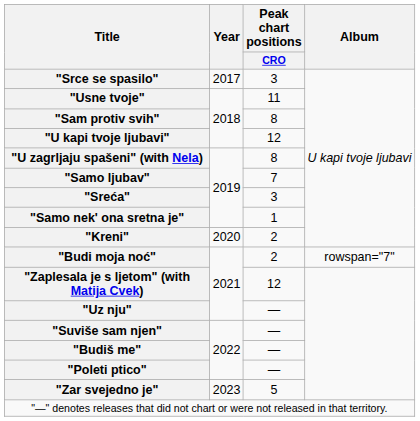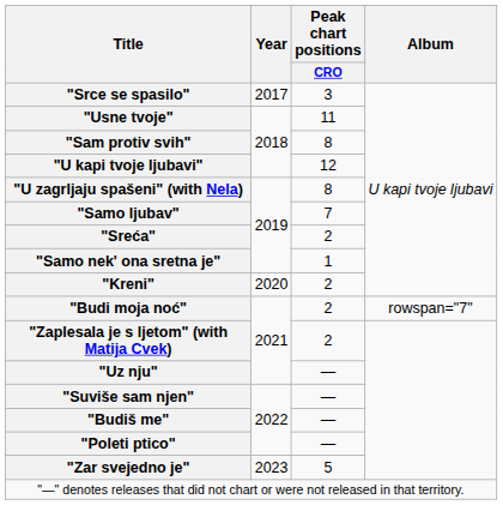 <table class="wikitable plainrowheaders" style="text-align:center;">
 <tr>
 <th scope="col" rowspan="2" style="width:16em;">Title</th>
 <th scope="col" rowspan="2" style="width:1em;">Year</th>
 <th scope="col" colspan="1">Peak chart positions</th>
 <th scope="col" rowspan="2">Album</th>
 </tr>
 <tr>
 <th scope="col" style="width:3em;font-size:85%;"><a href='#'>CRO</a><br></th>
 </tr>
 <tr>
 <th scope="row">"Srce se spasilo"</th>
 <td>2017</td>
 <td>3</td>
 <td rowspan="9"><em>U kapi tvoje ljubavi</em></td>
 </tr>
 <tr>
 <th scope="row">"Usne tvoje"</th>
 <td rowspan="3">2018</td>
 <td>11</td>
 </tr>
 <tr>
 <th scope="row">"Sam protiv svih"</th>
 <td>8</td>
 </tr>
 <tr>
 <th scope="row">"U kapi tvoje ljubavi"</th>
 <td>12</td>
 </tr>
 <tr>
 <th scope="row">"U zagrljaju spašeni" <span>(with <a href='#'>Nela</a>)</span></th>
 <td rowspan="4">2019</td>
 <td>8</td>
 </tr>
 <tr>
 <th scope="row">"Samo ljubav"</th>
 <td>7</td>
 </tr>
 <tr>
 <th scope="row">"Sreća"</th>
-<td>3</td>
+<td>2</td>
 </tr>
 <tr>
 <th scope="row">"Samo nek' ona sretna je"</th>
 <td>1</td>
 </tr>
 <tr>
 <th scope="row">"Kreni"</th>
 <td rowspan="1">2020</td>
 <td>2</td>
 </tr>
 <tr>
 <th scope="row">"Budi moja noć"</th>
 <td rowspan="3">2021</td>
 <td>2</td>
 <td>rowspan="7" </td>
 </tr>
 <tr>
 <th scope="row">"Zaplesala je s ljetom" <span>(with <a href='#'>Matija Cvek</a>)</span></th>
-<td>12</td>
+<td>2</td>
 </tr>
 <tr>
 <th scope="row">"Uz nju"</th>
 <td>—</td>
 </tr>
 <tr>
 <th scope="row">"Suviše sam njen"</th>
 <td rowspan="3">2022</td>
 <td>—</td>
 </tr>
 <tr>
 <th scope="row">"Budiš me"</th>
 <td>—</td>
 </tr>
 <tr>
 <th scope="row">"Poleti ptico"</th>
 <td>—</td>
 </tr>
 <tr>
 <th scope="row">"Zar svejedno je"</th>
 <td rowspan="1">2023</td>
 <td>5</td>
 </tr>
 <tr>
 <td colspan="22" style="text-align:center; font-size:85%;">"—" denotes releases that did not chart or were not released in that territory.</td>
 </tr>
 </table>
